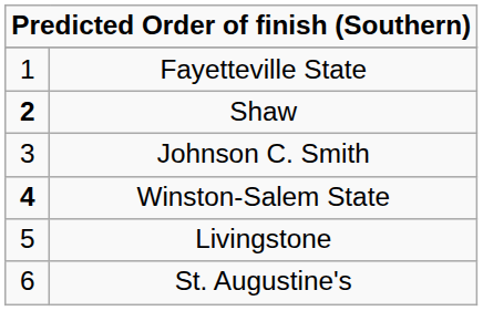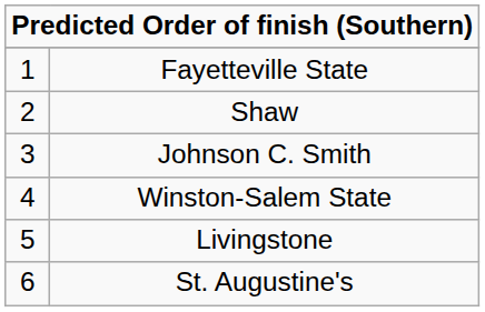 <table class="wikitable">
 <tr align="center">
 <td align="center" Colspan="2"><strong>Predicted Order of finish (Southern)</strong></td>
 </tr>
 <tr align="center">
 </tr>
 <tr align="center">
 <td>1</td>
 <td>Fayetteville State</td>
 </tr>
 <tr align="center">
-<td><strong>2</strong></td>
+<td>2</td>
 <td>Shaw</td>
 </tr>
 <tr align="center">
 <td>3</td>
 <td>Johnson C. Smith</td>
 </tr>
 <tr align="center">
-<td><strong>4</strong></td>
+<td>4</td>
 <td>Winston-Salem State</td>
 </tr>
 <tr align="center">
 <td>5</td>
 <td>Livingstone</td>
 </tr>
 <tr align="center">
 <td>6</td>
 <td>St. Augustine's</td>
 </tr>
 </table>
